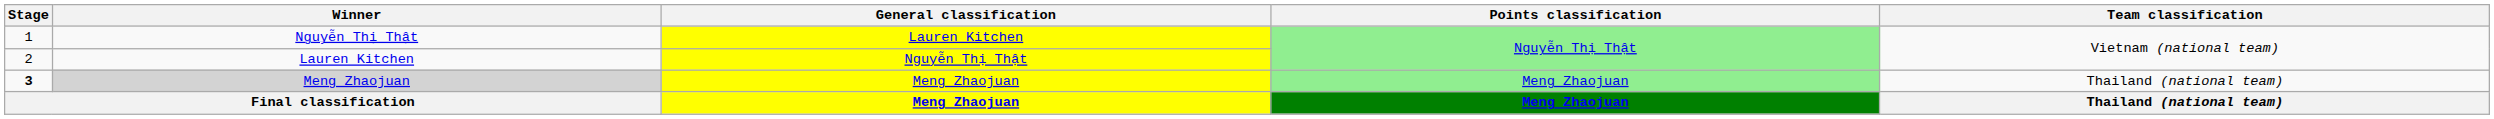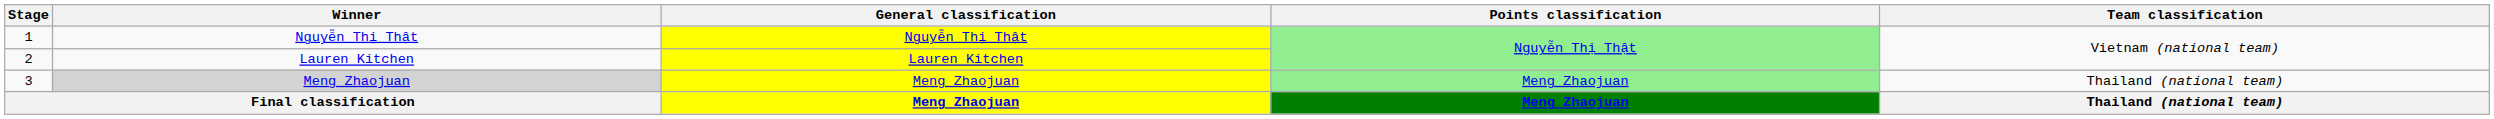 <table class="wikitable" style="text-align: center; font-size:smaller;">
 <tr>
 <th style="width:1%;">Stage</th>
 <th style="width:24.75%;">Winner</th>
 <th style="width:24.75%;">General classification<br></th>
 <th style="width:24.75%;">Points classification<br></th>
 <th style="width:24.75%;">Team classification</th>
 </tr>
 <tr>
 <td>1</td>
 <td><a href='#'>Nguyễn Thị Thật</a></td>
-<td style="background:yellow;"><a href='#'>Lauren Kitchen</a></td>
+<td style="background:yellow;"><a href='#'>Nguyễn Thị Thật</a></td>
 <td style="background:lightgreen;" rowspan=2><a href='#'>Nguyễn Thị Thật</a></td>
 <td rowspan=2>Vietnam <em>(national team)</em></td>
 </tr>
 <tr>
 <td>2</td>
 <td><a href='#'>Lauren Kitchen</a></td>
-<td style="background:yellow;"><a href='#'>Nguyễn Thị Thật</a></td>
+<td style="background:yellow;"><a href='#'>Lauren Kitchen</a></td>
 </tr>
 <tr>
-<td><strong>3</strong></td>
+<td>3</td>
 <td style="background: lightgrey;"><a href='#'>Meng Zhaojuan</a></td>
 <td style="background:yellow;"><a href='#'>Meng Zhaojuan</a></td>
 <td style="background:lightgreen;"><a href='#'>Meng Zhaojuan</a></td>
 <td>Thailand <em>(national team)</em></td>
 </tr>
 <tr>
 <th colspan=2>Final classification</th>
 <th style="background:yellow;"><a href='#'>Meng Zhaojuan</a></th>
 <th style="background:green;"><a href='#'>Meng Zhaojuan</a></th>
 <th>Thailand <em>(national team)</em></th>
 </tr>
 </table>
